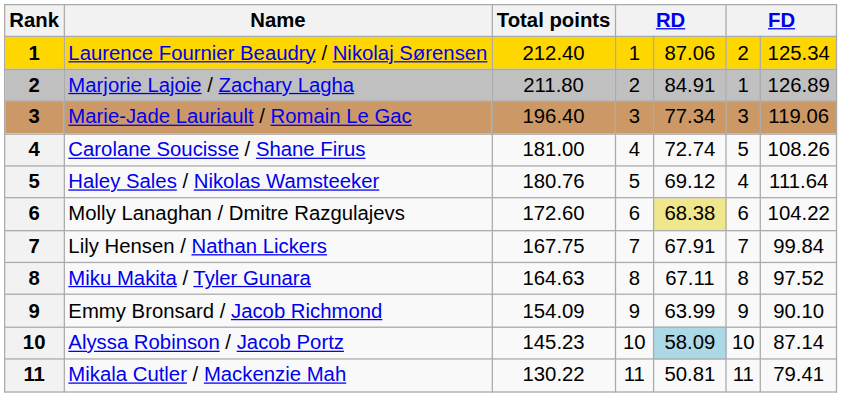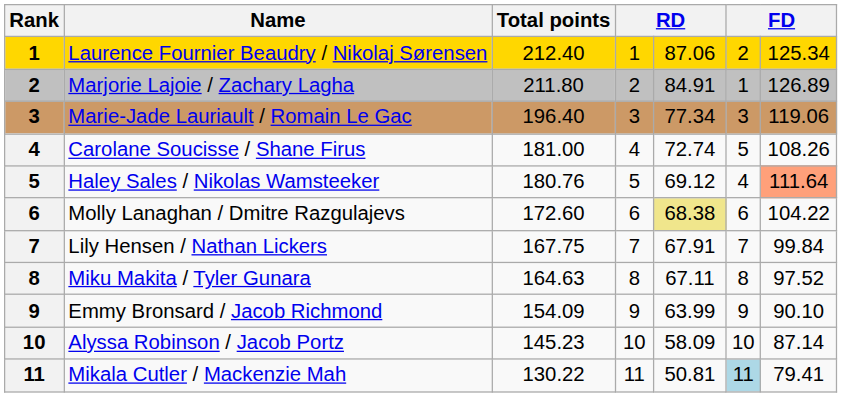 <table class="wikitable sortable">
 <tr>
 <th>Rank</th>
 <th>Name</th>
 <th>Total points</th>
 <th colspan="2" width="80px"><a href='#'>RD</a></th>
 <th colspan="2" width="80px"><a href='#'>FD</a></th>
 </tr>
 <tr bgcolor="gold">
 <td align="center"><strong>1</strong></td>
 <td><a href='#'>Laurence Fournier Beaudry</a> / <a href='#'>Nikolaj Sørensen</a></td>
 <td align="center">212.40</td>
 <td align="center">1</td>
 <td align="center">87.06</td>
 <td align="center">2</td>
 <td align="center">125.34</td>
 </tr>
 <tr bgcolor="silver">
 <td align="center"><strong>2</strong></td>
 <td><a href='#'>Marjorie Lajoie</a> / <a href='#'>Zachary Lagha</a></td>
 <td align="center">211.80</td>
 <td align="center">2</td>
 <td align="center">84.91</td>
 <td align="center">1</td>
 <td align="center">126.89</td>
 </tr>
 <tr bgcolor="cc9966">
 <td align="center"><strong>3</strong></td>
 <td><a href='#'>Marie-Jade Lauriault</a> / <a href='#'>Romain Le Gac</a></td>
 <td align="center">196.40</td>
 <td align="center">3</td>
 <td align="center">77.34</td>
 <td align="center">3</td>
 <td align="center">119.06</td>
 </tr>
 <tr>
 <th>4</th>
 <td><a href='#'>Carolane Soucisse</a> / <a href='#'>Shane Firus</a></td>
 <td align="center">181.00</td>
 <td align="center">4</td>
 <td align="center">72.74</td>
 <td align="center">5</td>
 <td align="center">108.26</td>
 </tr>
 <tr>
 <th>5</th>
 <td><a href='#'>Haley Sales</a> / <a href='#'>Nikolas Wamsteeker</a></td>
 <td align="center">180.76</td>
 <td align="center">5</td>
 <td align="center">69.12</td>
 <td align="center">4</td>
-<td align="center">111.64</td>
+<td align="center" style="background: lightsalmon;">111.64</td>
 </tr>
 <tr>
 <th>6</th>
 <td>Molly Lanaghan / Dmitre Razgulajevs</td>
 <td align="center">172.60</td>
 <td align="center">6</td>
 <td align="center" style="background: khaki;">68.38</td>
 <td align="center">6</td>
 <td align="center">104.22</td>
 </tr>
 <tr>
 <th>7</th>
 <td>Lily Hensen / <a href='#'>Nathan Lickers</a></td>
 <td align="center">167.75</td>
 <td align="center">7</td>
 <td align="center">67.91</td>
 <td align="center">7</td>
 <td align="center">99.84</td>
 </tr>
 <tr>
 <th>8</th>
 <td><a href='#'>Miku Makita</a> / <a href='#'>Tyler Gunara</a></td>
 <td align="center">164.63</td>
 <td align="center">8</td>
 <td align="center">67.11</td>
 <td align="center">8</td>
 <td align="center">97.52</td>
 </tr>
 <tr>
 <th>9</th>
 <td>Emmy Bronsard / <a href='#'>Jacob Richmond</a></td>
 <td align="center">154.09</td>
 <td align="center">9</td>
 <td align="center">63.99</td>
 <td align="center">9</td>
 <td align="center">90.10</td>
 </tr>
 <tr>
 <th>10</th>
 <td><a href='#'>Alyssa Robinson</a> / <a href='#'>Jacob Portz</a></td>
 <td align="center">145.23</td>
 <td align="center">10</td>
-<td align="center" style="background: lightblue;">58.09</td>
+<td align="center">58.09</td>
 <td align="center">10</td>
 <td align="center">87.14</td>
 </tr>
 <tr>
 <th>11</th>
 <td><a href='#'>Mikala Cutler</a> / <a href='#'>Mackenzie Mah</a></td>
 <td align="center">130.22</td>
 <td align="center">11</td>
 <td align="center">50.81</td>
-<td align="center">11</td>
+<td align="center" style="background: lightblue;">11</td>
 <td align="center">79.41</td>
 </tr>
 </table>
